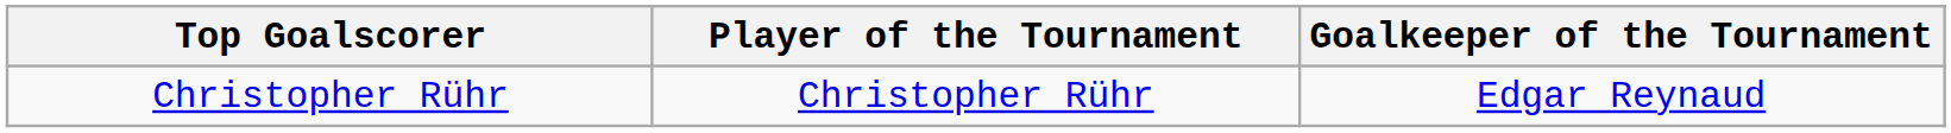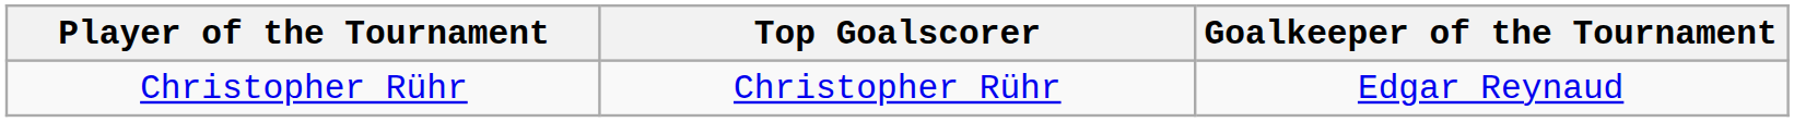 <table class=wikitable style="margin:auto; text-align:center">
 <tr>
+<th style="width: 220px;">Player of the Tournament</th>
 <th style="width: 220px;">Top Goalscorer</th>
-<th style="width: 220px;">Player of the Tournament</th>
 <th style="width: 220px;">Goalkeeper of the Tournament</th>
 </tr>
 <tr>
 <td> <a href='#'>Christopher Rühr</a></td>
 <td> <a href='#'>Christopher Rühr</a></td>
 <td> <a href='#'>Edgar Reynaud</a></td>
 </tr>
 </table>
